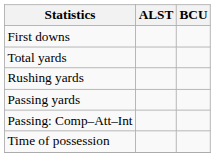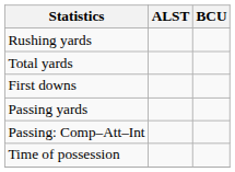 <table class="wikitable" style="float: left;">
 <tr>
 <th>Statistics</th>
 <th>ALST</th>
 <th>BCU</th>
 </tr>
 <tr>
-<td>First downs</td>
+<td>Rushing yards</td>
 <td></td>
 <td></td>
 </tr>
 <tr>
 <td>Total yards</td>
 <td></td>
 <td></td>
 </tr>
 <tr>
-<td>Rushing yards</td>
+<td>First downs</td>
 <td></td>
 <td></td>
 </tr>
 <tr>
 <td>Passing yards</td>
 <td></td>
 <td></td>
 </tr>
 <tr>
 <td>Passing: Comp–Att–Int</td>
 <td></td>
 <td></td>
 </tr>
 <tr>
 <td>Time of possession</td>
 <td></td>
 <td></td>
 </tr>
 <tr>
 </tr>
 </table>
